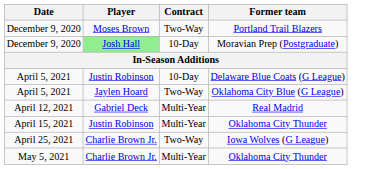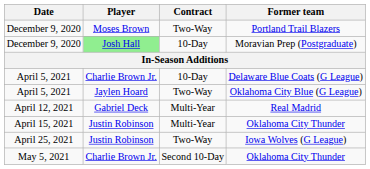 <table class="wikitable" style="text-align: center">
 <tr>
 <th>Date</th>
 <th>Player</th>
 <th>Contract</th>
 <th>Former team</th>
 </tr>
 <tr style="text-align: center">
 <td>December 9, 2020</td>
 <td><a href='#'>Moses Brown</a></td>
 <td>Two-Way</td>
 <td><a href='#'>Portland Trail Blazers</a></td>
 </tr>
 <tr style="text-align: center">
 <td>December 9, 2020</td>
 <td style="background: lightgreen;"><a href='#'>Josh Hall</a></td>
 <td>10-Day</td>
 <td>Moravian Prep (<a href='#'>Postgraduate</a>)</td>
 </tr>
 <tr>
 <th scope="row" colspan="6" style="text-align:center;”">In-Season Additions</th>
 </tr>
 <tr style="text-align: center">
 <td>April 5, 2021</td>
-<td><a href='#'>Justin Robinson</a></td>
+<td><a href='#'>Charlie Brown Jr.</a></td>
 <td>10-Day</td>
 <td><a href='#'>Delaware Blue Coats</a> (<a href='#'>G League</a>)</td>
 </tr>
 <tr style="text-align: center">
 <td>April 5, 2021</td>
 <td><a href='#'>Jaylen Hoard</a></td>
 <td>Two-Way</td>
 <td><a href='#'>Oklahoma City Blue</a> (<a href='#'>G League</a>)</td>
 </tr>
 <tr style="text-align: center">
 <td>April 12, 2021</td>
 <td><a href='#'>Gabriel Deck</a></td>
 <td>Multi-Year</td>
 <td> <a href='#'>Real Madrid</a></td>
 </tr>
 <tr style="text-align: center">
 <td>April 15, 2021</td>
 <td><a href='#'>Justin Robinson</a></td>
 <td>Multi-Year</td>
 <td><a href='#'>Oklahoma City Thunder</a></td>
 </tr>
 <tr style="text-align: center">
 <td>April 25, 2021</td>
-<td><a href='#'>Charlie Brown Jr.</a></td>
+<td><a href='#'>Justin Robinson</a></td>
 <td>Two-Way</td>
 <td><a href='#'>Iowa Wolves</a> (<a href='#'>G League</a>)</td>
 </tr>
 <tr style="text-align: center">
 <td>May 5, 2021</td>
 <td><a href='#'>Charlie Brown Jr.</a></td>
-<td>Multi-Year</td>
+<td>Second 10-Day</td>
 <td><a href='#'>Oklahoma City Thunder</a></td>
 </tr>
 </table>
